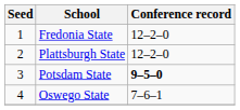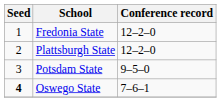 <table class="wikitable">
 <tr>
 <th>Seed</th>
 <th>School</th>
 <th>Conference record</th>
 </tr>
 <tr>
 <td align=center>1</td>
 <td><a href='#'>Fredonia State</a></td>
 <td>12–2–0</td>
 </tr>
 <tr>
 <td align=center>2</td>
 <td><a href='#'>Plattsburgh State</a></td>
 <td>12–2–0</td>
 </tr>
 <tr>
 <td align=center>3</td>
 <td><a href='#'>Potsdam State</a></td>
-<td><strong>9–5–0</strong></td>
+<td>9–5–0</td>
 </tr>
 <tr>
-<td align=center>4</td>
+<td align=center><strong>4</strong></td>
 <td><a href='#'>Oswego State</a></td>
 <td>7–6–1</td>
 </tr>
 <tr>
 </tr>
 </table>
